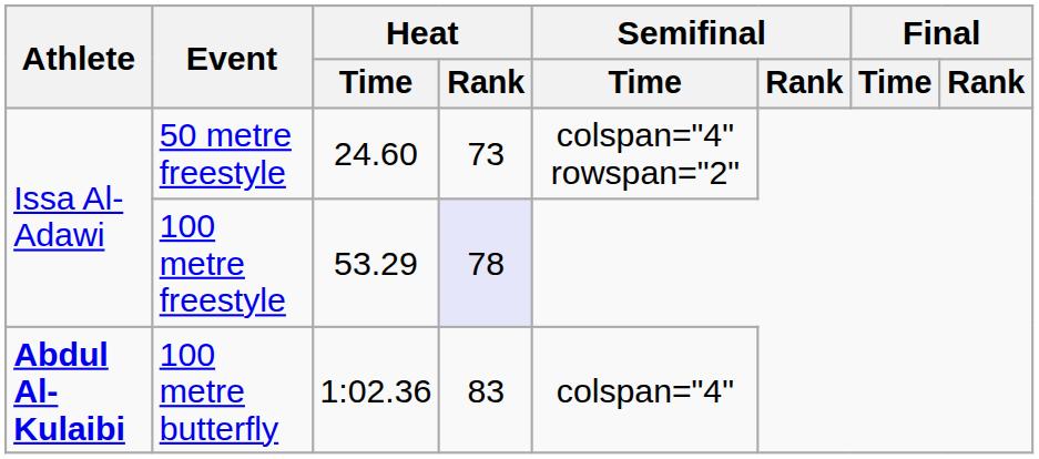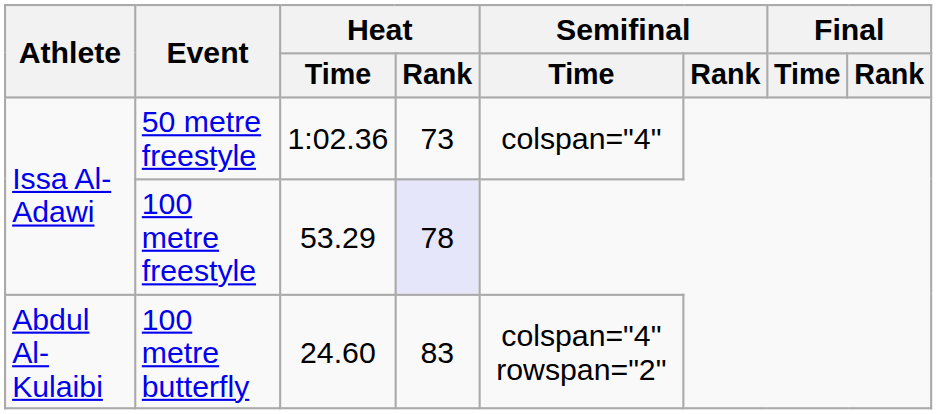 <table class="wikitable" style="text-align:center; font-size:90%; width:50%;">
 <tr>
 <th rowspan="2">Athlete</th>
 <th rowspan="2">Event</th>
 <th colspan="2">Heat</th>
 <th colspan="2">Semifinal</th>
 <th colspan="2">Final</th>
 </tr>
 <tr style="font-size:95%">
 <th>Time</th>
 <th>Rank</th>
 <th>Time</th>
 <th>Rank</th>
 <th>Time</th>
 <th>Rank</th>
 </tr>
 <tr align=center>
 <td align=left rowspan="2"><a href='#'>Issa Al-Adawi</a></td>
 <td align=left><a href='#'>50 metre freestyle</a></td>
-<td>24.60</td>
+<td>1:02.36</td>
 <td>73</td>
-<td>colspan="4" rowspan="2" </td>
+<td>colspan="4"  </td>
 </tr>
 <tr align=center>
 <td align=left><a href='#'>100 metre freestyle</a></td>
 <td>53.29</td>
 <td style="background: lavender;">78</td>
 </tr>
 <tr align=center>
-<td align=left><strong><a href='#'>Abdul Al-Kulaibi</a></strong></td>
+<td align=left><a href='#'>Abdul Al-Kulaibi</a></td>
 <td align=left><a href='#'>100 metre butterfly</a></td>
-<td>1:02.36</td>
+<td>24.60</td>
 <td>83</td>
-<td>colspan="4"  </td>
+<td>colspan="4" rowspan="2" </td>
 </tr>
 </table>
